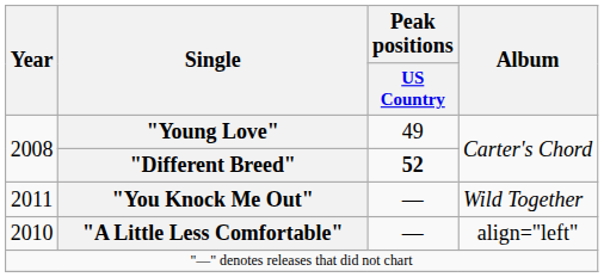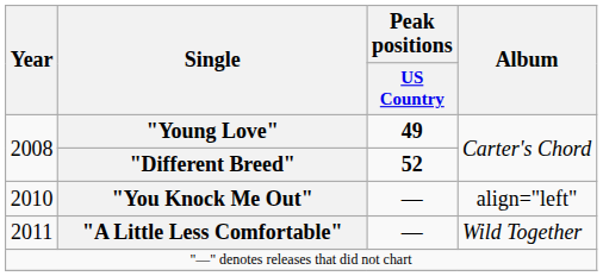 <table class="wikitable plainrowheaders" style="text-align:center;">
 <tr>
 <th rowspan="2">Year</th>
 <th rowspan="2" style="width:14em;">Single</th>
 <th colspan="1">Peak positions</th>
 <th rowspan="2">Album</th>
 </tr>
 <tr style="font-size:smaller;">
 <th width="60"><a href='#'>US Country</a><br></th>
 </tr>
 <tr>
 <td rowspan="2">2008</td>
 <th scope="row">"Young Love"</th>
-<td>49</td>
+<td><strong>49</strong></td>
 <td align="left" rowspan="2"><em>Carter's Chord</em></td>
 </tr>
 <tr>
 <th scope="row">"Different Breed"</th>
 <td><strong>52</strong></td>
 </tr>
 <tr>
-<td>2011</td>
+<td>2010</td>
 <th scope="row">"You Knock Me Out"</th>
 <td>—</td>
-<td align="left"><em>Wild Together</em></td>
+<td>align="left"</td>
 </tr>
 <tr>
-<td>2010</td>
+<td>2011</td>
 <th scope="row">"A Little Less Comfortable"</th>
 <td>—</td>
-<td>align="left"</td>
+<td align="left"><em>Wild Together</em></td>
 </tr>
 <tr>
 <td colspan="10" style="font-size:8pt">"—" denotes releases that did not chart</td>
 </tr>
 <tr>
 </tr>
 </table>
